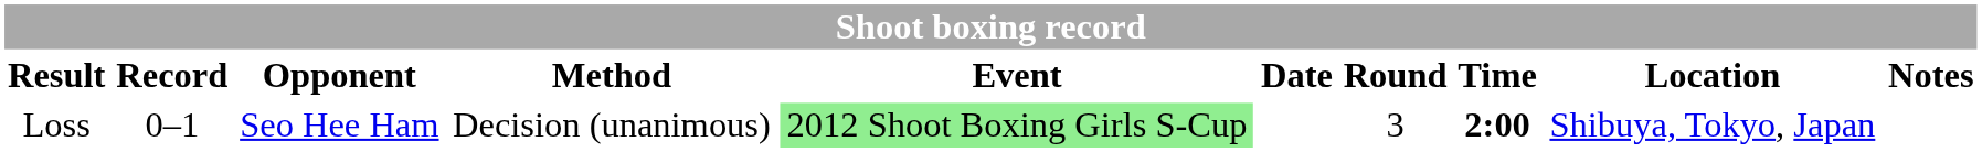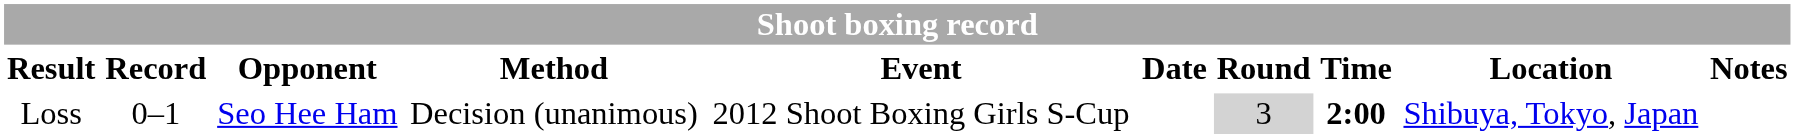 <table class="toccolours" width=100% style="clear:both; margin:1.5em auto; text-align:center;">
 <tr>
 <th colspan=10 style="background:#A9A9A9; color:white;">Shoot boxing record</th>
 </tr>
 <tr>
 <th>Result</th>
 <th>Record</th>
 <th>Opponent</th>
 <th>Method</th>
 <th>Event</th>
 <th>Date</th>
 <th>Round</th>
 <th>Time</th>
 <th>Location</th>
 <th>Notes</th>
 </tr>
 <tr>
 <td>Loss</td>
 <td align="center">0–1</td>
 <td> <a href='#'>Seo Hee Ham</a></td>
 <td>Decision (unanimous)</td>
-<td style="background: lightgreen;">2012 Shoot Boxing Girls S-Cup</td>
+<td>2012 Shoot Boxing Girls S-Cup</td>
 <td></td>
-<td align="center">3</td>
+<td align="center" style="background: lightgrey;">3</td>
 <td align="center"><strong>2:00</strong></td>
 <td><a href='#'>Shibuya, Tokyo</a>, <a href='#'>Japan</a></td>
 <td></td>
 </tr>
 </table>
